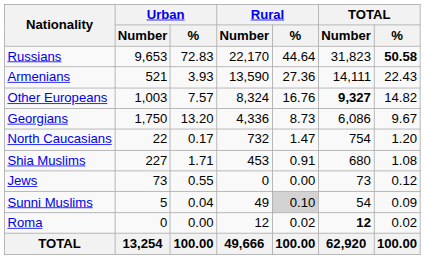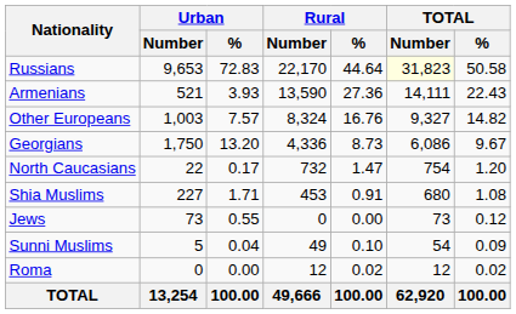 <table class="wikitable sortable">
 <tr>
 <th rowspan="2">Nationality</th>
 <th colspan="2"><a href='#'>Urban</a></th>
 <th colspan="2"><a href='#'>Rural</a></th>
 <th colspan="2">TOTAL</th>
 </tr>
 <tr>
 <th>Number</th>
 <th>%</th>
 <th>Number</th>
 <th>%</th>
 <th>Number</th>
 <th>%</th>
 </tr>
 <tr>
 <td><a href='#'>Russians</a></td>
 <td align="right">9,653</td>
 <td align="right">72.83</td>
 <td align="right">22,170</td>
 <td align="right">44.64</td>
-<td align="right">31,823</td>
-<td align="right"><strong>50.58</strong></td>
+<td align="right" style="background: lightyellow;">31,823</td>
+<td align="right">50.58</td>
 </tr>
 <tr>
 <td><a href='#'>Armenians</a></td>
 <td align="right">521</td>
 <td align="right">3.93</td>
 <td align="right">13,590</td>
 <td align="right">27.36</td>
 <td align="right">14,111</td>
 <td align="right">22.43</td>
 </tr>
 <tr>
 <td><a href='#'>Other Europeans</a></td>
 <td align="right">1,003</td>
 <td align="right">7.57</td>
 <td align="right">8,324</td>
 <td align="right">16.76</td>
-<td align="right"><strong>9,327</strong></td>
+<td align="right">9,327</td>
 <td align="right">14.82</td>
 </tr>
 <tr>
 <td><a href='#'>Georgians</a></td>
 <td align="right">1,750</td>
 <td align="right">13.20</td>
 <td align="right">4,336</td>
 <td align="right">8.73</td>
 <td align="right">6,086</td>
 <td align="right">9.67</td>
 </tr>
 <tr>
 <td><a href='#'>North Caucasians</a></td>
 <td align="right">22</td>
 <td align="right">0.17</td>
 <td align="right">732</td>
 <td align="right">1.47</td>
 <td align="right">754</td>
 <td align="right">1.20</td>
 </tr>
 <tr>
 <td><a href='#'>Shia Muslims</a></td>
 <td align="right">227</td>
 <td align="right">1.71</td>
 <td align="right">453</td>
 <td align="right">0.91</td>
 <td align="right">680</td>
 <td align="right">1.08</td>
 </tr>
 <tr>
 <td><a href='#'>Jews</a></td>
 <td align="right">73</td>
 <td align="right">0.55</td>
 <td align="right">0</td>
 <td align="right">0.00</td>
 <td align="right">73</td>
 <td align="right">0.12</td>
 </tr>
 <tr>
 <td><a href='#'>Sunni Muslims</a></td>
 <td align="right">5</td>
 <td align="right">0.04</td>
 <td align="right">49</td>
-<td align="right" style="background: lightgrey;">0.10</td>
+<td align="right">0.10</td>
 <td align="right">54</td>
 <td align="right">0.09</td>
 </tr>
 <tr>
 <td><a href='#'>Roma</a></td>
 <td align="right">0</td>
 <td align="right">0.00</td>
 <td align="right">12</td>
 <td align="right">0.02</td>
-<td align="right"><strong>12</strong></td>
+<td align="right">12</td>
 <td align="right">0.02</td>
 </tr>
 <tr>
 <th>TOTAL</th>
 <th>13,254</th>
 <th>100.00</th>
 <th>49,666</th>
 <th>100.00</th>
 <th>62,920</th>
 <th>100.00</th>
 </tr>
 </table>
